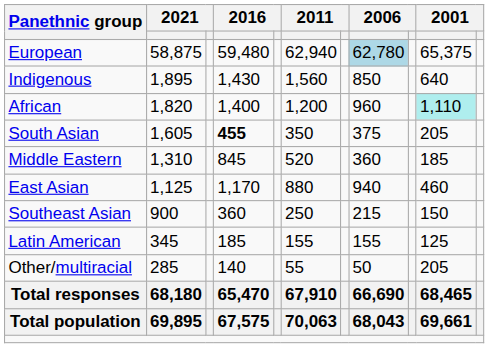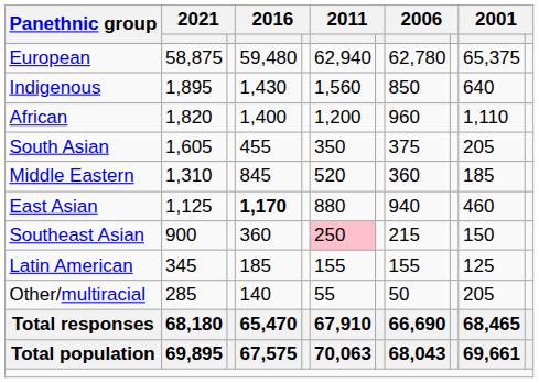 <table class="wikitable collapsible sortable">
 <tr>
 <th rowspan="2"><a href='#'>Panethnic</a> group</th>
 <th colspan="2">2021</th>
 <th colspan="2">2016</th>
 <th colspan="2">2011</th>
 <th colspan="2">2006</th>
 <th colspan="2">2001</th>
 </tr>
 <tr>
 <th><a href='#'></a></th>
 <th></th>
 <th></th>
 <th></th>
 <th></th>
 <th></th>
 <th></th>
 <th></th>
 <th></th>
 <th></th>
 </tr>
 <tr>
 <td><a href='#'>European</a></td>
 <td>58,875</td>
 <td></td>
 <td>59,480</td>
 <td></td>
 <td>62,940</td>
 <td></td>
-<td style="background: lightblue;">62,780</td>
+<td>62,780</td>
 <td></td>
 <td>65,375</td>
 <td></td>
 </tr>
 <tr>
 <td><a href='#'>Indigenous</a></td>
 <td>1,895</td>
 <td></td>
 <td>1,430</td>
 <td></td>
 <td>1,560</td>
 <td></td>
 <td>850</td>
 <td></td>
 <td>640</td>
 <td></td>
 </tr>
 <tr>
 <td><a href='#'>African</a></td>
 <td>1,820</td>
 <td></td>
 <td>1,400</td>
 <td></td>
 <td>1,200</td>
 <td></td>
 <td>960</td>
 <td></td>
-<td style="background: paleturquoise;">1,110</td>
+<td>1,110</td>
 <td></td>
 </tr>
 <tr>
 <td><a href='#'>South Asian</a></td>
 <td>1,605</td>
 <td></td>
-<td><strong>455</strong></td>
+<td>455</td>
 <td></td>
 <td>350</td>
 <td></td>
 <td>375</td>
 <td></td>
 <td>205</td>
 <td></td>
 </tr>
 <tr>
 <td><a href='#'>Middle Eastern</a></td>
 <td>1,310</td>
 <td></td>
 <td>845</td>
 <td></td>
 <td>520</td>
 <td></td>
 <td>360</td>
 <td></td>
 <td>185</td>
 <td></td>
 </tr>
 <tr>
 <td><a href='#'>East Asian</a></td>
 <td>1,125</td>
 <td></td>
-<td>1,170</td>
+<td><strong>1,170</strong></td>
 <td></td>
 <td>880</td>
 <td></td>
 <td>940</td>
 <td></td>
 <td>460</td>
 <td></td>
 </tr>
 <tr>
 <td><a href='#'>Southeast Asian</a></td>
 <td>900</td>
 <td></td>
 <td>360</td>
 <td></td>
-<td>250</td>
+<td style="background: pink;">250</td>
 <td></td>
 <td>215</td>
 <td></td>
 <td>150</td>
 <td></td>
 </tr>
 <tr>
 <td><a href='#'>Latin American</a></td>
 <td>345</td>
 <td></td>
 <td>185</td>
 <td></td>
 <td>155</td>
 <td></td>
 <td>155</td>
 <td></td>
 <td>125</td>
 <td></td>
 </tr>
 <tr>
 <td>Other/<a href='#'>multiracial</a></td>
 <td>285</td>
 <td></td>
 <td>140</td>
 <td></td>
 <td>55</td>
 <td></td>
 <td>50</td>
 <td></td>
 <td>205</td>
 <td></td>
 </tr>
 <tr>
 <th>Total responses</th>
 <th>68,180</th>
 <th></th>
 <th>65,470</th>
 <th></th>
 <th>67,910</th>
 <th></th>
 <th>66,690</th>
 <th></th>
 <th>68,465</th>
 <th></th>
 </tr>
 <tr class="sortbottom">
 <th>Total population</th>
 <th>69,895</th>
 <th></th>
 <th>67,575</th>
 <th></th>
 <th>70,063</th>
 <th></th>
 <th>68,043</th>
 <th></th>
 <th>69,661</th>
 <th></th>
 </tr>
 <tr class="sortbottom">
 <td colspan="11"></td>
 </tr>
 </table>
